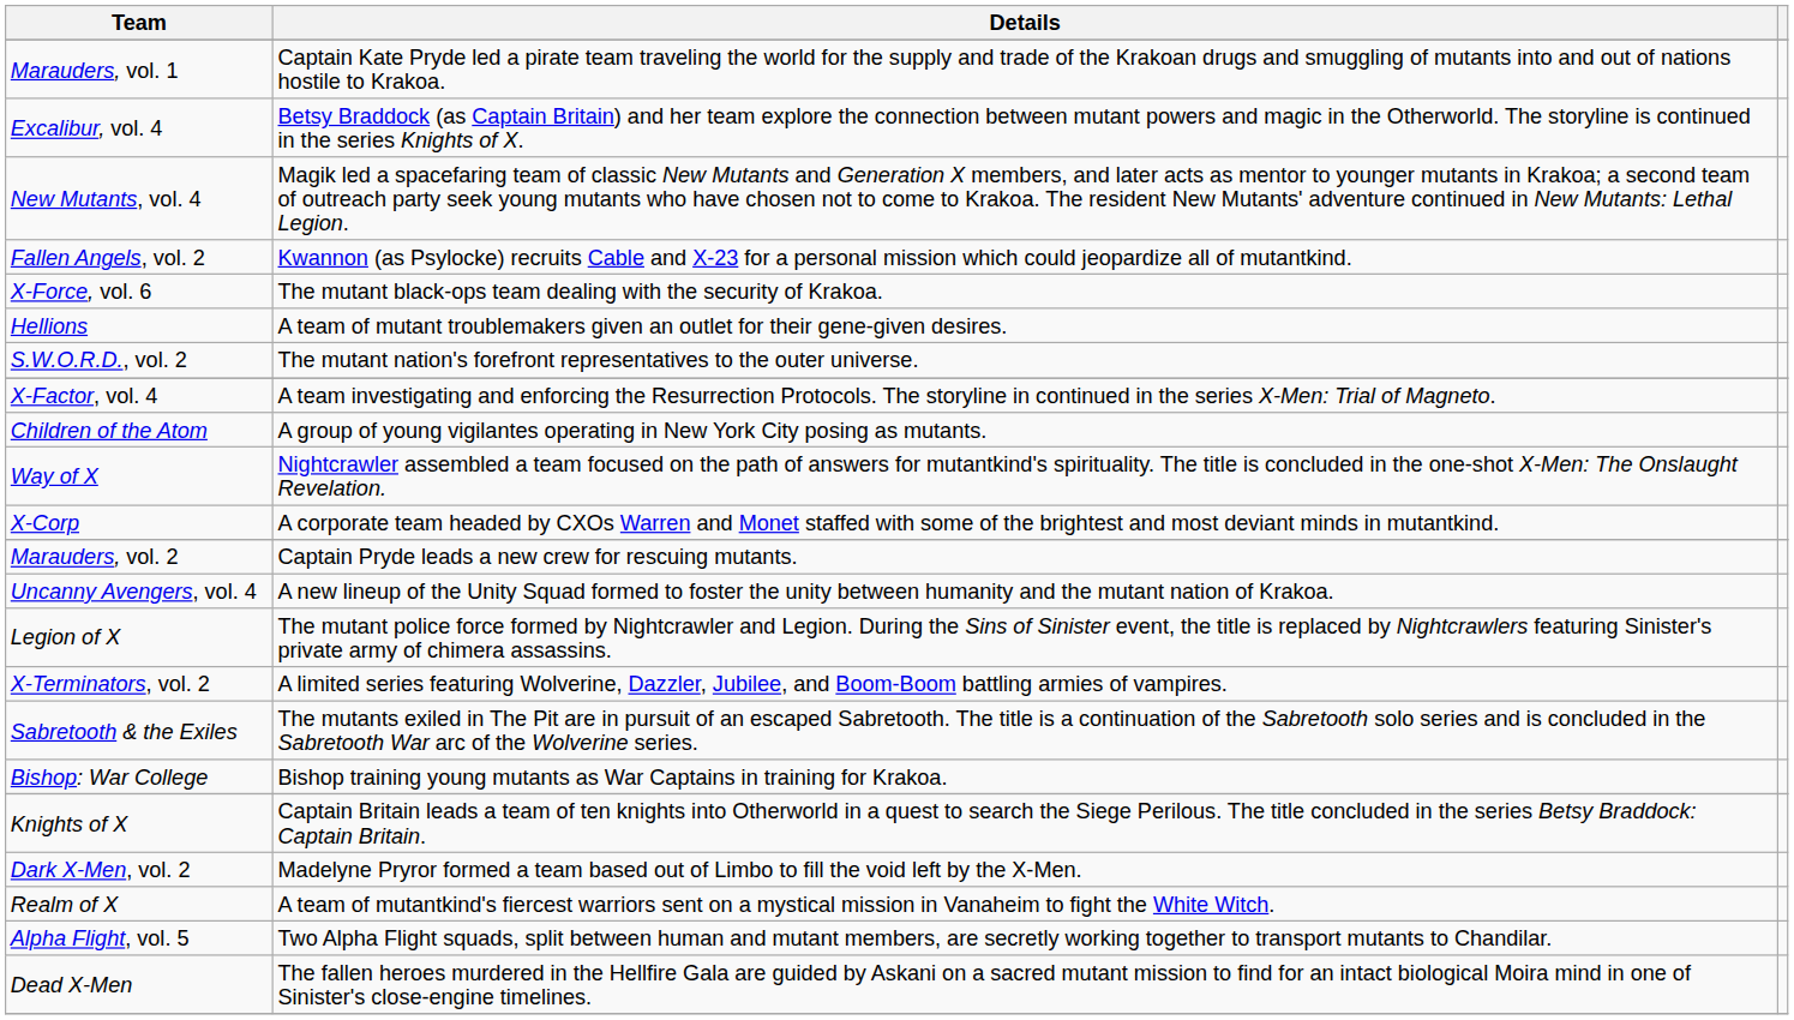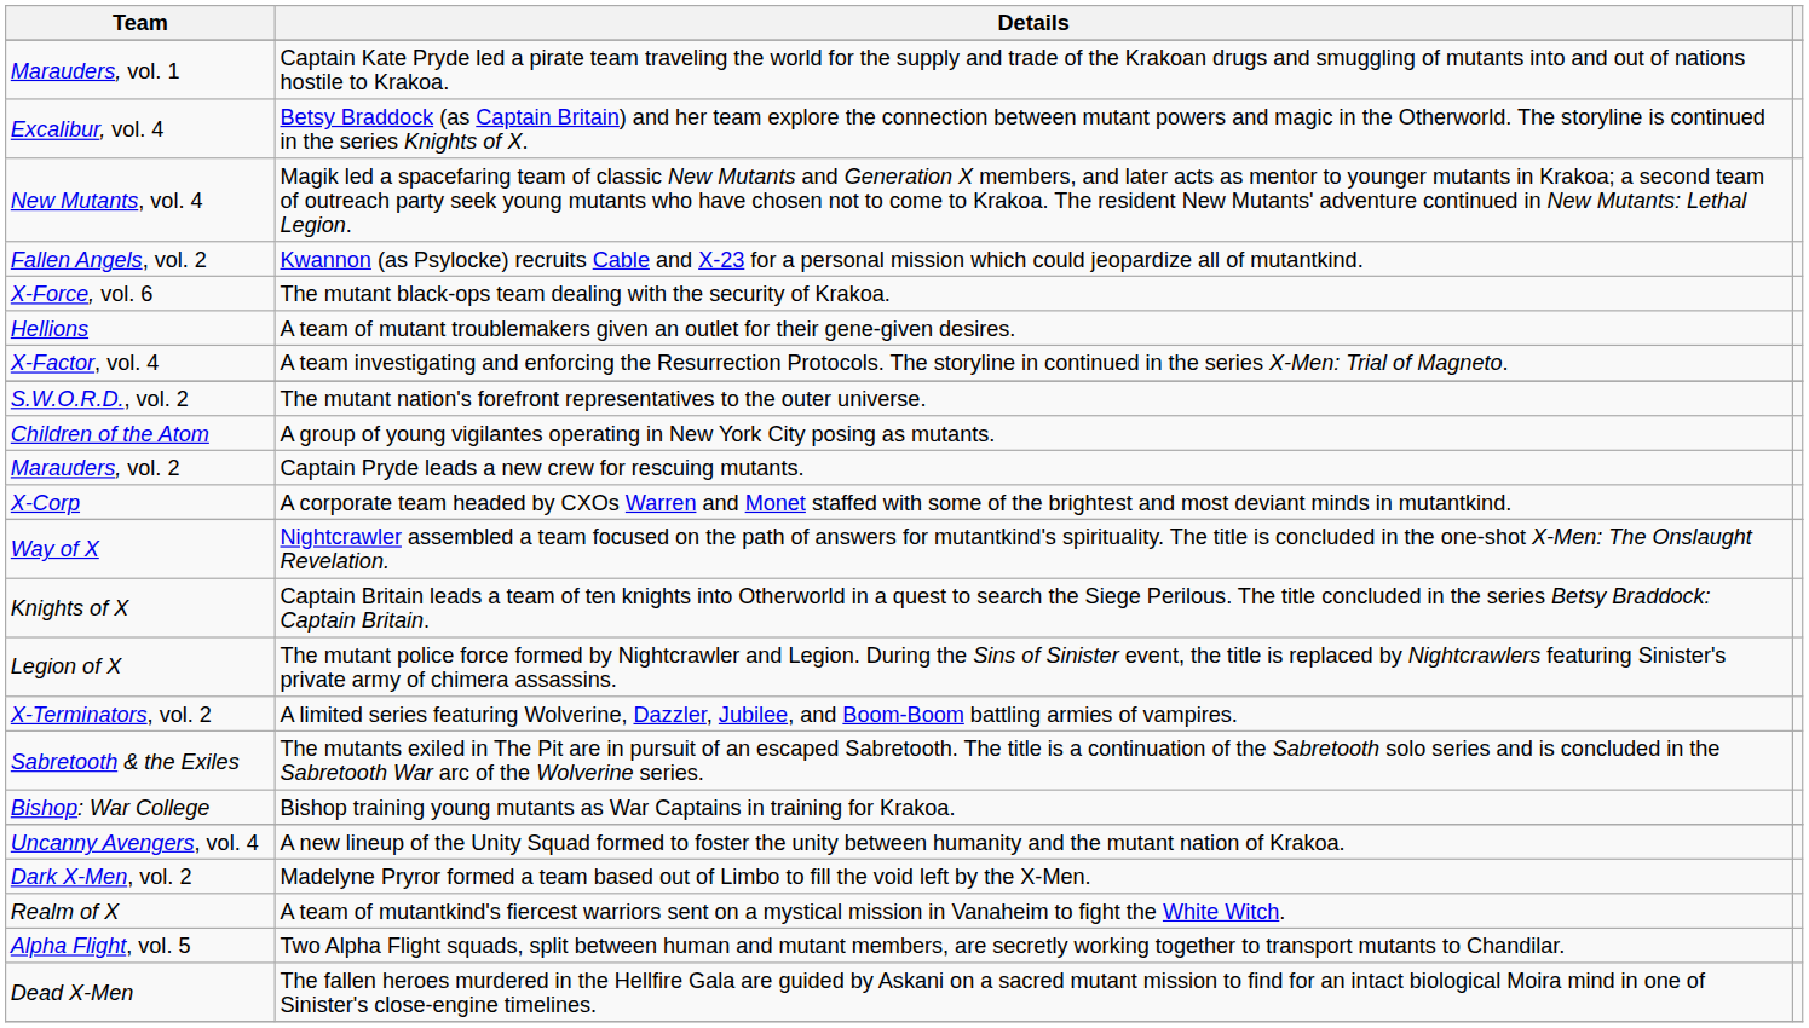 <table class="wikitable sortable" style="margins:auto; width=95%; font-size: 95%;">
 <tr>
 <th width="15%">Team</th>
 <th>Details</th>
 <th></th>
 </tr>
 <tr>
 </tr>
 <tr>
 <td><em><a href='#'>Marauders</a>,</em> vol. 1</td>
 <td>Captain Kate Pryde led a pirate team traveling the world for the supply and trade of the Krakoan drugs and smuggling of mutants into and out of nations hostile to Krakoa.</td>
 <td></td>
 </tr>
 <tr>
 <td><em><a href='#'>Excalibur</a>,</em> vol. 4</td>
 <td><a href='#'>Betsy Braddock</a> (as <a href='#'>Captain Britain</a>) and her team  explore the connection between mutant powers and magic in the Otherworld. The storyline is continued in the series <em>Knights of X</em>.</td>
 <td></td>
 </tr>
 <tr>
 <td><a href='#'><em>New Mutants</em></a>, vol. 4</td>
 <td>Magik led a spacefaring team of classic <em>New Mutants</em> and <em>Generation X</em> members, and later acts as mentor to younger mutants in Krakoa; a second team of outreach party seek young mutants who have chosen not to come to Krakoa. The resident New Mutants' adventure continued in <em>New Mutants: Lethal Legion</em>.</td>
 <td></td>
 </tr>
 <tr>
 <td><a href='#'><em>Fallen Angels</em></a>, vol. 2</td>
 <td><a href='#'>Kwannon</a> (as Psylocke) recruits <a href='#'>Cable</a> and <a href='#'>X-23</a> for a personal mission which could jeopardize all of mutantkind.</td>
 <td></td>
 </tr>
 <tr>
 <td><em><a href='#'>X-Force</a>,</em> vol. 6</td>
 <td>The mutant black-ops team dealing with the security of Krakoa.</td>
 <td></td>
 </tr>
 <tr>
 <td><em><a href='#'>Hellions</a></em></td>
 <td>A team of mutant troublemakers given an outlet for their gene-given desires.</td>
 <td></td>
 </tr>
 <tr>
-<td><a href='#'><em>S.W.O.R.D.</em></a>, vol. 2</td>
-<td>The mutant nation's forefront representatives to the outer universe.</td>
+<td><a href='#'><em>X-Factor</em></a>, vol. 4</td>
+<td>A team investigating and enforcing the Resurrection Protocols. The storyline in continued in the series <em>X-Men:</em> <em>Trial of Magneto</em>.</td>
 <td></td>
 </tr>
 <tr>
 </tr>
 <tr>
-<td><a href='#'><em>X-Factor</em></a>, vol. 4</td>
-<td>A team investigating and enforcing the Resurrection Protocols. The storyline in continued in the series <em>X-Men:</em> <em>Trial of Magneto</em>.</td>
+<td><a href='#'><em>S.W.O.R.D.</em></a>, vol. 2</td>
+<td>The mutant nation's forefront representatives to the outer universe.</td>
 <td></td>
 </tr>
 <tr>
 <td><em><a href='#'>Children of the Atom</a></em></td>
 <td>A group of young vigilantes operating in New York City posing as mutants.</td>
 <td></td>
 </tr>
 <tr>
-<td><em><a href='#'>Way of X</a></em></td>
-<td><a href='#'>Nightcrawler</a> assembled a team focused on the path of answers for mutantkind's spirituality. The title is concluded in the one-shot <em>X-Men: The Onslaught Revelation.</em></td>
+<td><em><a href='#'>Marauders</a>,</em> vol. 2</td>
+<td>Captain Pryde leads a new crew for rescuing mutants.</td>
 <td></td>
 </tr>
 <tr>
 <td><em><a href='#'>X-Corp</a></em></td>
 <td>A corporate team headed by CXOs <a href='#'>Warren</a> and <a href='#'>Monet</a> staffed with some of the brightest and most deviant minds in mutantkind.</td>
 <td></td>
 </tr>
 <tr>
 </tr>
 <tr>
-<td><em><a href='#'>Marauders</a>,</em> vol. 2</td>
-<td>Captain Pryde leads a new crew for rescuing mutants.</td>
+<td><em><a href='#'>Way of X</a></em></td>
+<td><a href='#'>Nightcrawler</a> assembled a team focused on the path of answers for mutantkind's spirituality. The title is concluded in the one-shot <em>X-Men: The Onslaught Revelation.</em></td>
 <td></td>
 </tr>
 <tr>
-<td><em><a href='#'>Uncanny Avengers</a></em>, vol. 4</td>
-<td>A new lineup of the Unity Squad formed to foster the unity between humanity and the mutant nation of Krakoa.</td>
+<td><em>Knights of X</em></td>
+<td>Captain Britain leads a team of ten knights into Otherworld in a quest to search the Siege Perilous. The title concluded in the series <em>Betsy Braddock: Captain Britain</em>.</td>
 <td></td>
 </tr>
 <tr>
 <td><em>Legion of X</em></td>
 <td>The mutant police force formed by Nightcrawler and Legion. During the <em>Sins of Sinister</em> event, the title is replaced by <em>Nightcrawlers</em> featuring Sinister's private army of chimera assassins.</td>
 <td></td>
 </tr>
 <tr>
 <td><em><a href='#'>X-Terminators</a></em>, vol. 2</td>
 <td>A limited series featuring Wolverine, <a href='#'>Dazzler</a>, <a href='#'>Jubilee</a>, and <a href='#'>Boom-Boom</a> battling armies of vampires.</td>
 <td></td>
 </tr>
 <tr>
 <td><em><a href='#'>Sabretooth</a> & the Exiles</em></td>
 <td>The mutants exiled in The Pit are in pursuit of an escaped Sabretooth. The title is a continuation of the <em>Sabretooth</em> solo series and is concluded in the <em>Sabretooth War</em> arc of the <em>Wolverine</em> series.</td>
 <td></td>
 </tr>
 <tr>
 <td><em><a href='#'>Bishop</a>: War College</em></td>
 <td>Bishop training young mutants as War Captains in training for Krakoa.</td>
 <td></td>
 </tr>
 <tr>
 </tr>
 <tr>
-<td><em>Knights of X</em></td>
-<td>Captain Britain leads a team of ten knights into Otherworld in a quest to search the Siege Perilous. The title concluded in the series <em>Betsy Braddock: Captain Britain</em>.</td>
+<td><em><a href='#'>Uncanny Avengers</a></em>, vol. 4</td>
+<td>A new lineup of the Unity Squad formed to foster the unity between humanity and the mutant nation of Krakoa.</td>
 <td></td>
 </tr>
 <tr>
 <td><em><a href='#'>Dark X-Men</a></em>, vol. 2</td>
 <td>Madelyne Pryror formed a team based out of Limbo to fill the void left by the X-Men.</td>
 <td></td>
 </tr>
 <tr>
 <td><em>Realm of X</em></td>
 <td>A team of mutantkind's fiercest warriors sent on a mystical mission in Vanaheim to fight the <a href='#'>White Witch</a>.</td>
 <td></td>
 </tr>
 <tr>
 <td><em><a href='#'>Alpha Flight</a></em>, vol. 5</td>
 <td>Two Alpha Flight squads, split between human and mutant members, are secretly working together to transport mutants to Chandilar.</td>
 <td></td>
 </tr>
 <tr>
 <td><em>Dead X-Men</em></td>
 <td>The fallen heroes murdered in the Hellfire Gala are guided by Askani on a sacred mutant mission to find for an intact biological Moira mind in one of Sinister's close-engine timelines.</td>
 <td></td>
 </tr>
 <tr>
 </tr>
 </table>
